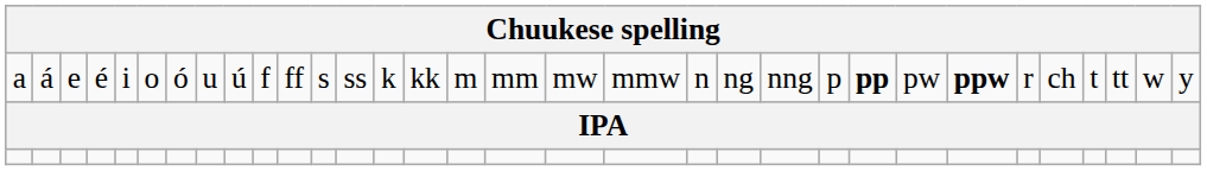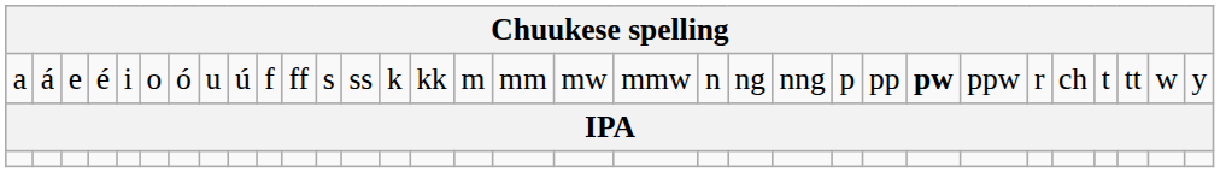 <table class="wikitable" style=text-align:center>
 <tr>
 <th colspan="32">Chuukese spelling</th>
 </tr>
 <tr>
 <td>a</td>
 <td>á</td>
 <td>e</td>
 <td>é</td>
 <td>i</td>
 <td>o</td>
 <td>ó</td>
 <td>u</td>
 <td>ú</td>
 <td>f</td>
 <td>ff</td>
 <td>s</td>
 <td>ss</td>
 <td>k</td>
 <td>kk</td>
 <td>m</td>
 <td>mm</td>
 <td>mw</td>
 <td>mmw</td>
 <td>n</td>
 <td>ng</td>
 <td>nng</td>
 <td>p</td>
-<td><strong>pp</strong></td>
-<td>pw</td>
-<td><strong>ppw</strong></td>
+<td>pp</td>
+<td><strong>pw</strong></td>
+<td>ppw</td>
 <td>r</td>
 <td>ch</td>
 <td>t</td>
 <td>tt</td>
 <td>w</td>
 <td>y</td>
 </tr>
 <tr>
 <th colspan="32">IPA</th>
 </tr>
 <tr>
 <td></td>
 <td></td>
 <td></td>
 <td></td>
 <td></td>
 <td></td>
 <td></td>
 <td></td>
 <td></td>
 <td></td>
 <td></td>
 <td></td>
 <td></td>
 <td></td>
 <td></td>
 <td></td>
 <td></td>
 <td></td>
 <td></td>
 <td></td>
 <td></td>
 <td></td>
 <td></td>
 <td></td>
 <td></td>
 <td></td>
 <td></td>
 <td></td>
 <td></td>
 <td></td>
 <td></td>
 <td></td>
 </tr>
 </table>
